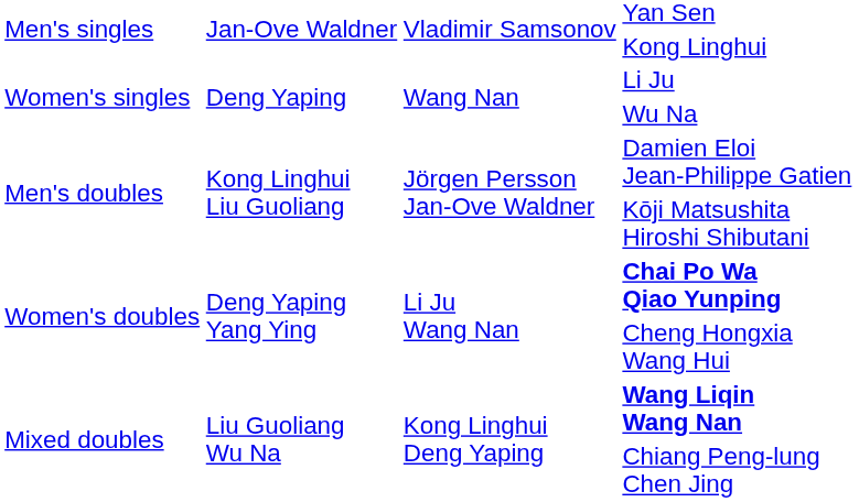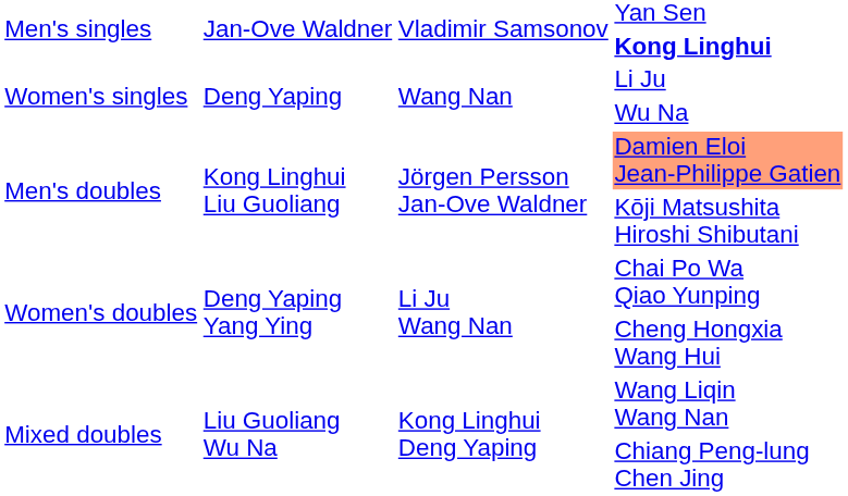 <table>
 <tr>
 <td rowspan=2><a href='#'>Men's singles</a></td>
 <td rowspan=2> <a href='#'>Jan-Ove Waldner</a></td>
 <td rowspan=2> <a href='#'>Vladimir Samsonov</a></td>
 <td> <a href='#'>Yan Sen</a></td>
 </tr>
 <tr>
-<td> <a href='#'>Kong Linghui</a></td>
+<td><strong> <a href='#'>Kong Linghui</a></strong></td>
 </tr>
 <tr>
 <td rowspan=2><a href='#'>Women's singles</a></td>
 <td rowspan=2> <a href='#'>Deng Yaping</a></td>
 <td rowspan=2> <a href='#'>Wang Nan</a></td>
 <td> <a href='#'>Li Ju</a></td>
 </tr>
 <tr>
 <td> <a href='#'>Wu Na</a></td>
 </tr>
 <tr>
 <td rowspan=2><a href='#'>Men's doubles</a></td>
 <td rowspan=2> <a href='#'>Kong Linghui</a><br> <a href='#'>Liu Guoliang</a></td>
 <td rowspan=2> <a href='#'>Jörgen Persson</a><br> <a href='#'>Jan-Ove Waldner</a></td>
-<td> <a href='#'>Damien Eloi</a><br> <a href='#'>Jean-Philippe Gatien</a></td>
+<td style="background: lightsalmon;"> <a href='#'>Damien Eloi</a><br> <a href='#'>Jean-Philippe Gatien</a></td>
 </tr>
 <tr>
 <td> <a href='#'>Kōji Matsushita</a><br> <a href='#'>Hiroshi Shibutani</a></td>
 </tr>
 <tr>
 <td rowspan=2><a href='#'>Women's doubles</a></td>
 <td rowspan=2> <a href='#'>Deng Yaping</a><br> <a href='#'>Yang Ying</a></td>
 <td rowspan=2> <a href='#'>Li Ju</a><br> <a href='#'>Wang Nan</a></td>
-<td><strong> <a href='#'>Chai Po Wa</a><br> <a href='#'>Qiao Yunping</a></strong></td>
+<td> <a href='#'>Chai Po Wa</a><br> <a href='#'>Qiao Yunping</a></td>
 </tr>
 <tr>
 <td> <a href='#'>Cheng Hongxia</a><br> <a href='#'>Wang Hui</a></td>
 </tr>
 <tr>
 <td rowspan=2><a href='#'>Mixed doubles</a></td>
 <td rowspan=2> <a href='#'>Liu Guoliang</a><br> <a href='#'>Wu Na</a></td>
 <td rowspan=2> <a href='#'>Kong Linghui</a><br> <a href='#'>Deng Yaping</a></td>
-<td><strong> <a href='#'>Wang Liqin</a><br> <a href='#'>Wang Nan</a></strong></td>
+<td> <a href='#'>Wang Liqin</a><br> <a href='#'>Wang Nan</a></td>
 </tr>
 <tr>
 <td> <a href='#'>Chiang Peng-lung</a><br> <a href='#'>Chen Jing</a></td>
 </tr>
 </table>
